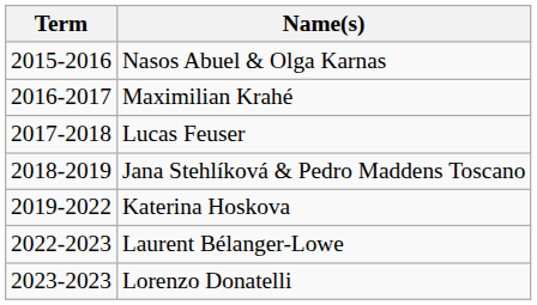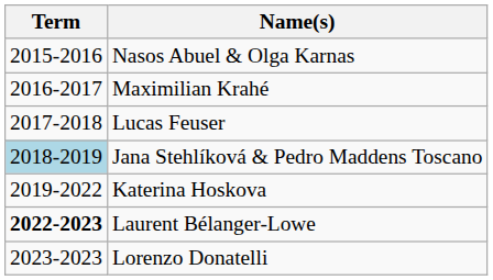 <table class="wikitable">
 <tr>
 <th>Term</th>
 <th>Name(s)</th>
 </tr>
 <tr>
 <td>2015-2016</td>
 <td>Nasos Abuel & Olga Karnas</td>
 </tr>
 <tr>
 <td>2016-2017</td>
 <td>Maximilian Krahé</td>
 </tr>
 <tr>
 <td>2017-2018</td>
 <td>Lucas Feuser</td>
 </tr>
 <tr>
-<td>2018-2019</td>
+<td style="background: lightblue;">2018-2019</td>
 <td>Jana Stehlíková & Pedro Maddens Toscano</td>
 </tr>
 <tr>
 <td>2019-2022</td>
 <td>Katerina Hoskova</td>
 </tr>
 <tr>
-<td>2022-2023</td>
+<td><strong>2022-2023</strong></td>
 <td>Laurent Bélanger-Lowe</td>
 </tr>
 <tr>
 <td>2023-2023</td>
 <td>Lorenzo Donatelli</td>
 </tr>
 </table>
